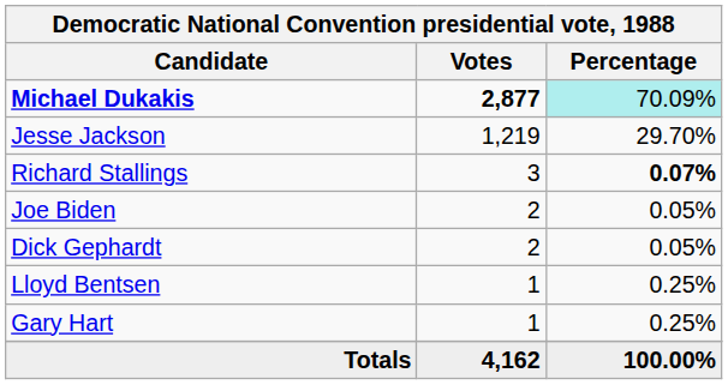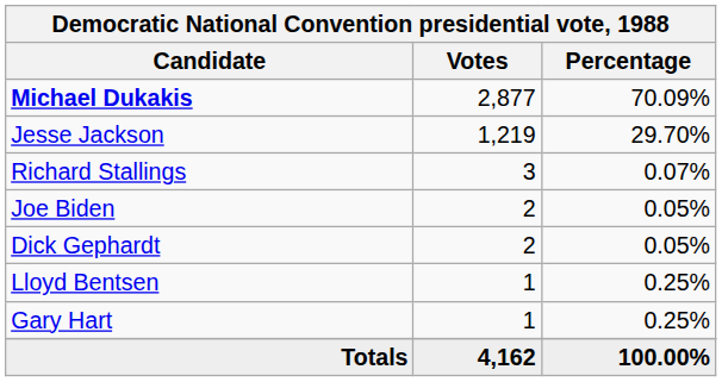 <table class="wikitable" style="font-size:95%;">
 <tr>
 <th colspan="3">Democratic National Convention presidential vote, 1988</th>
 </tr>
 <tr>
 <th style="width: 17em">Candidate</th>
 <th style="width: 5em">Votes</th>
 <th style="width: 7em">Percentage</th>
 </tr>
 <tr>
 <td><strong><a href='#'>Michael Dukakis</a></strong></td>
-<td align="right"><strong>2,877</strong></td>
-<td align="right" style="background: paleturquoise;">70.09%</td>
+<td align="right">2,877</td>
+<td align="right">70.09%</td>
 </tr>
 <tr>
 <td><a href='#'>Jesse Jackson</a></td>
 <td align="right">1,219</td>
 <td align="right">29.70%</td>
 </tr>
 <tr>
 <td><a href='#'>Richard Stallings</a></td>
 <td align="right">3</td>
-<td align="right"><strong>0.07%</strong></td>
+<td align="right">0.07%</td>
 </tr>
 <tr>
 <td><a href='#'>Joe Biden</a></td>
 <td align="right">2</td>
 <td align="right">0.05%</td>
 </tr>
 <tr>
 <td><a href='#'>Dick Gephardt</a></td>
 <td align="right">2</td>
 <td align="right">0.05%</td>
 </tr>
 <tr>
 <td><a href='#'>Lloyd Bentsen</a></td>
 <td align="right">1</td>
 <td align="right">0.25%</td>
 </tr>
 <tr>
 <td><a href='#'>Gary Hart</a></td>
 <td align="right">1</td>
 <td align="right">0.25%</td>
 </tr>
 <tr>
 </tr>
 <tr bgcolor="#EEEEEE">
 <td align="right"><strong>Totals</strong></td>
 <td align="right"><strong>4,162</strong></td>
 <td align="right"><strong>100.00%</strong></td>
 </tr>
 </table>
